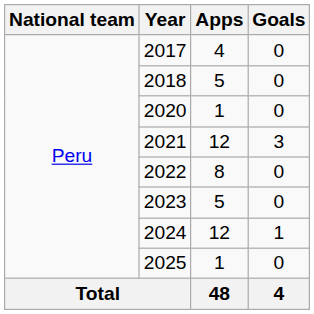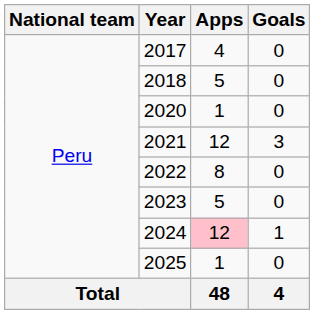 <table class="wikitable" style="text-align:center">
 <tr>
 <th>National team</th>
 <th>Year</th>
 <th>Apps</th>
 <th>Goals</th>
 </tr>
 <tr>
 <td rowspan="8"><a href='#'>Peru</a></td>
 <td>2017</td>
 <td>4</td>
 <td>0</td>
 </tr>
 <tr>
 <td>2018</td>
 <td>5</td>
 <td>0</td>
 </tr>
 <tr>
 <td>2020</td>
 <td>1</td>
 <td>0</td>
 </tr>
 <tr>
 <td>2021</td>
 <td>12</td>
 <td>3</td>
 </tr>
 <tr>
 <td>2022</td>
 <td>8</td>
 <td>0</td>
 </tr>
 <tr>
 <td>2023</td>
 <td>5</td>
 <td>0</td>
 </tr>
 <tr>
 <td>2024</td>
-<td>12</td>
+<td style="background: pink;">12</td>
 <td>1</td>
 </tr>
 <tr>
 <td>2025</td>
 <td>1</td>
 <td>0</td>
 </tr>
 <tr>
 <th colspan="2">Total</th>
 <th>48</th>
 <th>4</th>
 </tr>
 </table>
